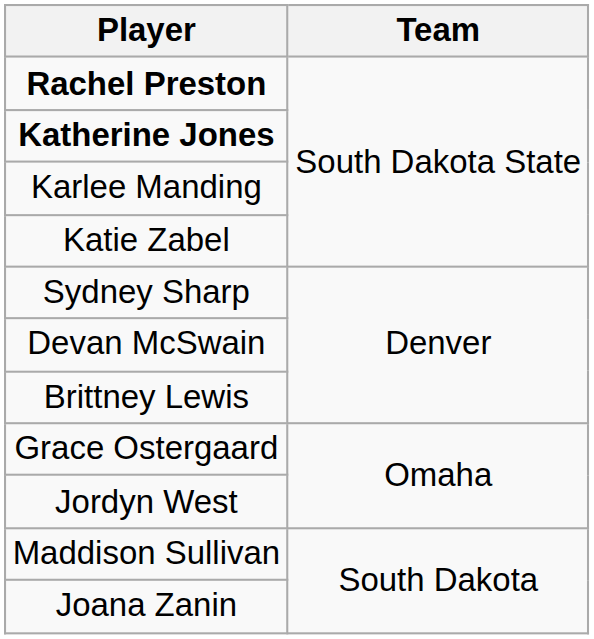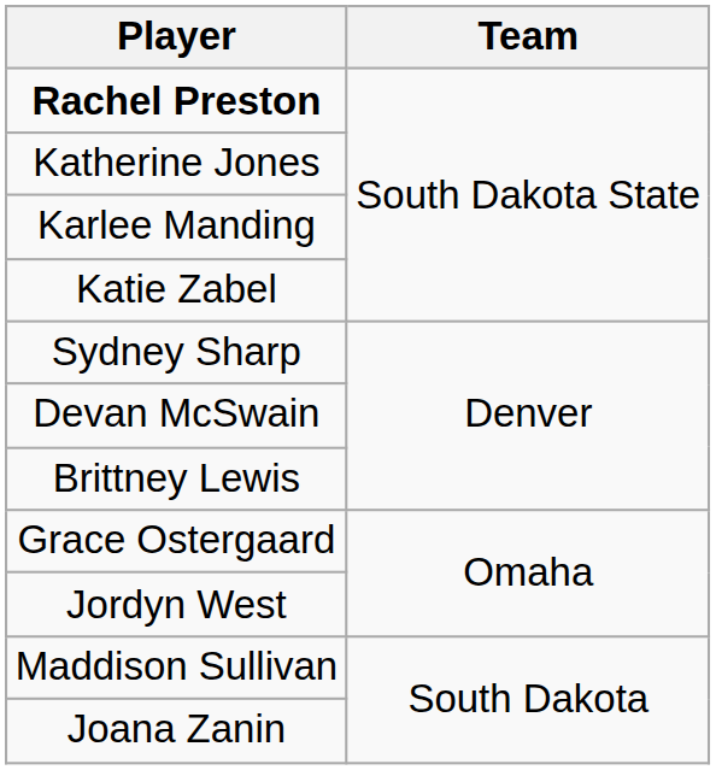 <table class="wikitable" style="text-align: center;">
 <tr>
 <th>Player</th>
 <th>Team</th>
 </tr>
 <tr>
 <td><strong>Rachel Preston</strong></td>
 <td rowspan=4>South Dakota State</td>
 </tr>
 <tr>
-<td><strong>Katherine Jones</strong></td>
+<td>Katherine Jones</td>
 </tr>
 <tr>
 <td>Karlee Manding</td>
 </tr>
 <tr>
 <td>Katie Zabel</td>
 </tr>
 <tr>
 <td>Sydney Sharp</td>
 <td rowspan=3>Denver</td>
 </tr>
 <tr>
 <td>Devan McSwain</td>
 </tr>
 <tr>
 <td>Brittney Lewis</td>
 </tr>
 <tr>
 <td>Grace Ostergaard</td>
 <td rowspan=2>Omaha</td>
 </tr>
 <tr>
 <td>Jordyn West</td>
 </tr>
 <tr>
 <td>Maddison Sullivan</td>
 <td rowspan=2>South Dakota</td>
 </tr>
 <tr>
 <td>Joana Zanin</td>
 </tr>
 </table>
